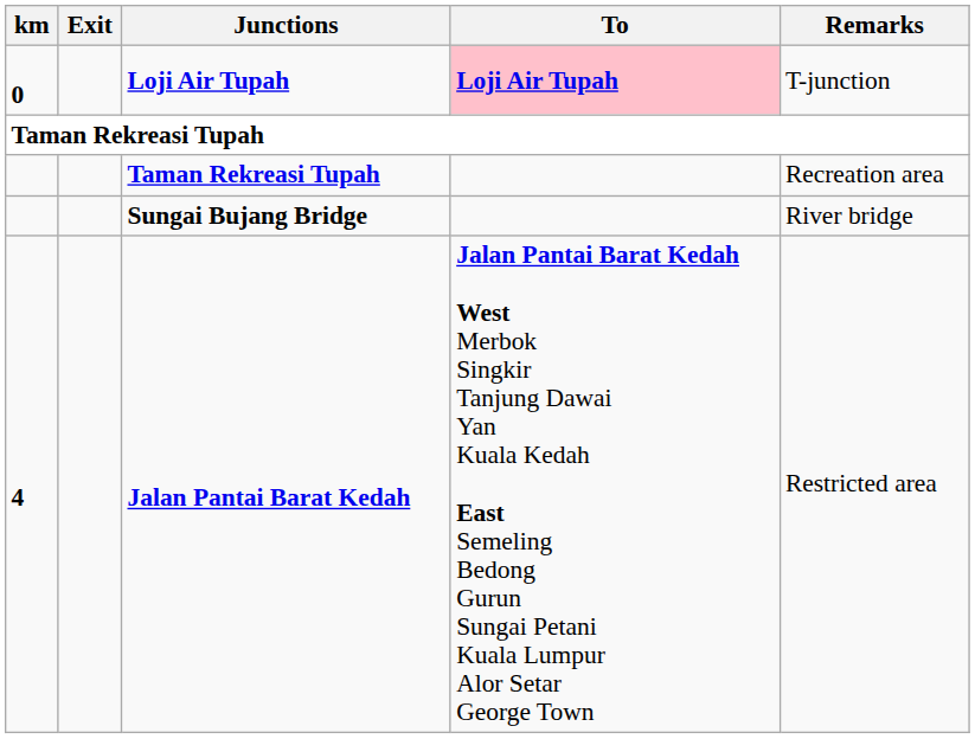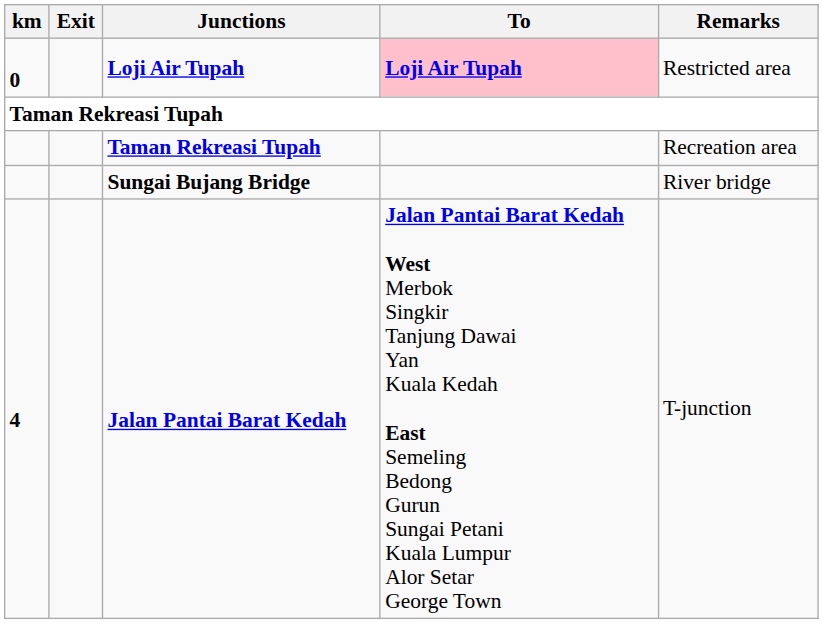 <table class="wikitable">
 <tr>
 <th>km</th>
 <th>Exit</th>
 <th>Junctions</th>
 <th>To</th>
 <th>Remarks</th>
 </tr>
 <tr>
 <td><br><strong>0</strong></td>
 <td></td>
 <td><strong><a href='#'>Loji Air Tupah</a></strong></td>
 <td style="background: pink;"><strong><a href='#'>Loji Air Tupah</a></strong></td>
-<td>T-junction</td>
+<td>Restricted area</td>
 </tr>
 <tr>
 <td style="width:600px" colspan="6" style="text-align:center" bgcolor="white"><strong>Taman Rekreasi Tupah</strong></td>
 </tr>
 <tr>
 <td></td>
 <td></td>
 <td><strong><a href='#'>Taman Rekreasi Tupah</a></strong></td>
 <td>   </td>
 <td>Recreation area</td>
 </tr>
 <tr>
 <td></td>
 <td></td>
 <td><strong>Sungai Bujang Bridge</strong></td>
 <td></td>
 <td>River bridge</td>
 </tr>
 <tr>
 <td><br><strong>4</strong></td>
 <td></td>
 <td><br><strong><a href='#'>Jalan Pantai Barat Kedah</a></strong></td>
 <td> <strong><a href='#'>Jalan Pantai Barat Kedah</a></strong><br><br><strong>West</strong><br>Merbok<br>Singkir<br>Tanjung Dawai<br>Yan<br>Kuala Kedah<br><br><strong>East</strong><br>Semeling<br>Bedong<br> Gurun<br>Sungai Petani<br>  Kuala Lumpur<br>  Alor Setar<br> George Town</td>
-<td>Restricted area</td>
+<td>T-junction</td>
 </tr>
 </table>
